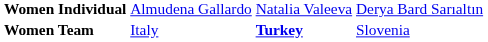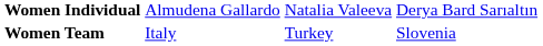 <table>
 <tr>
 <td><strong>Women Individual</strong></td>
 <td> <a href='#'>Almudena Gallardo</a></td>
 <td> <a href='#'>Natalia Valeeva</a></td>
 <td> <a href='#'>Derya Bard Sarıaltın</a></td>
 </tr>
 <tr>
 <td><strong>Women Team</strong></td>
 <td> <a href='#'>Italy</a></td>
-<td><strong> <a href='#'>Turkey</a></strong></td>
+<td> <a href='#'>Turkey</a></td>
 <td> <a href='#'>Slovenia</a></td>
 </tr>
 </table>
